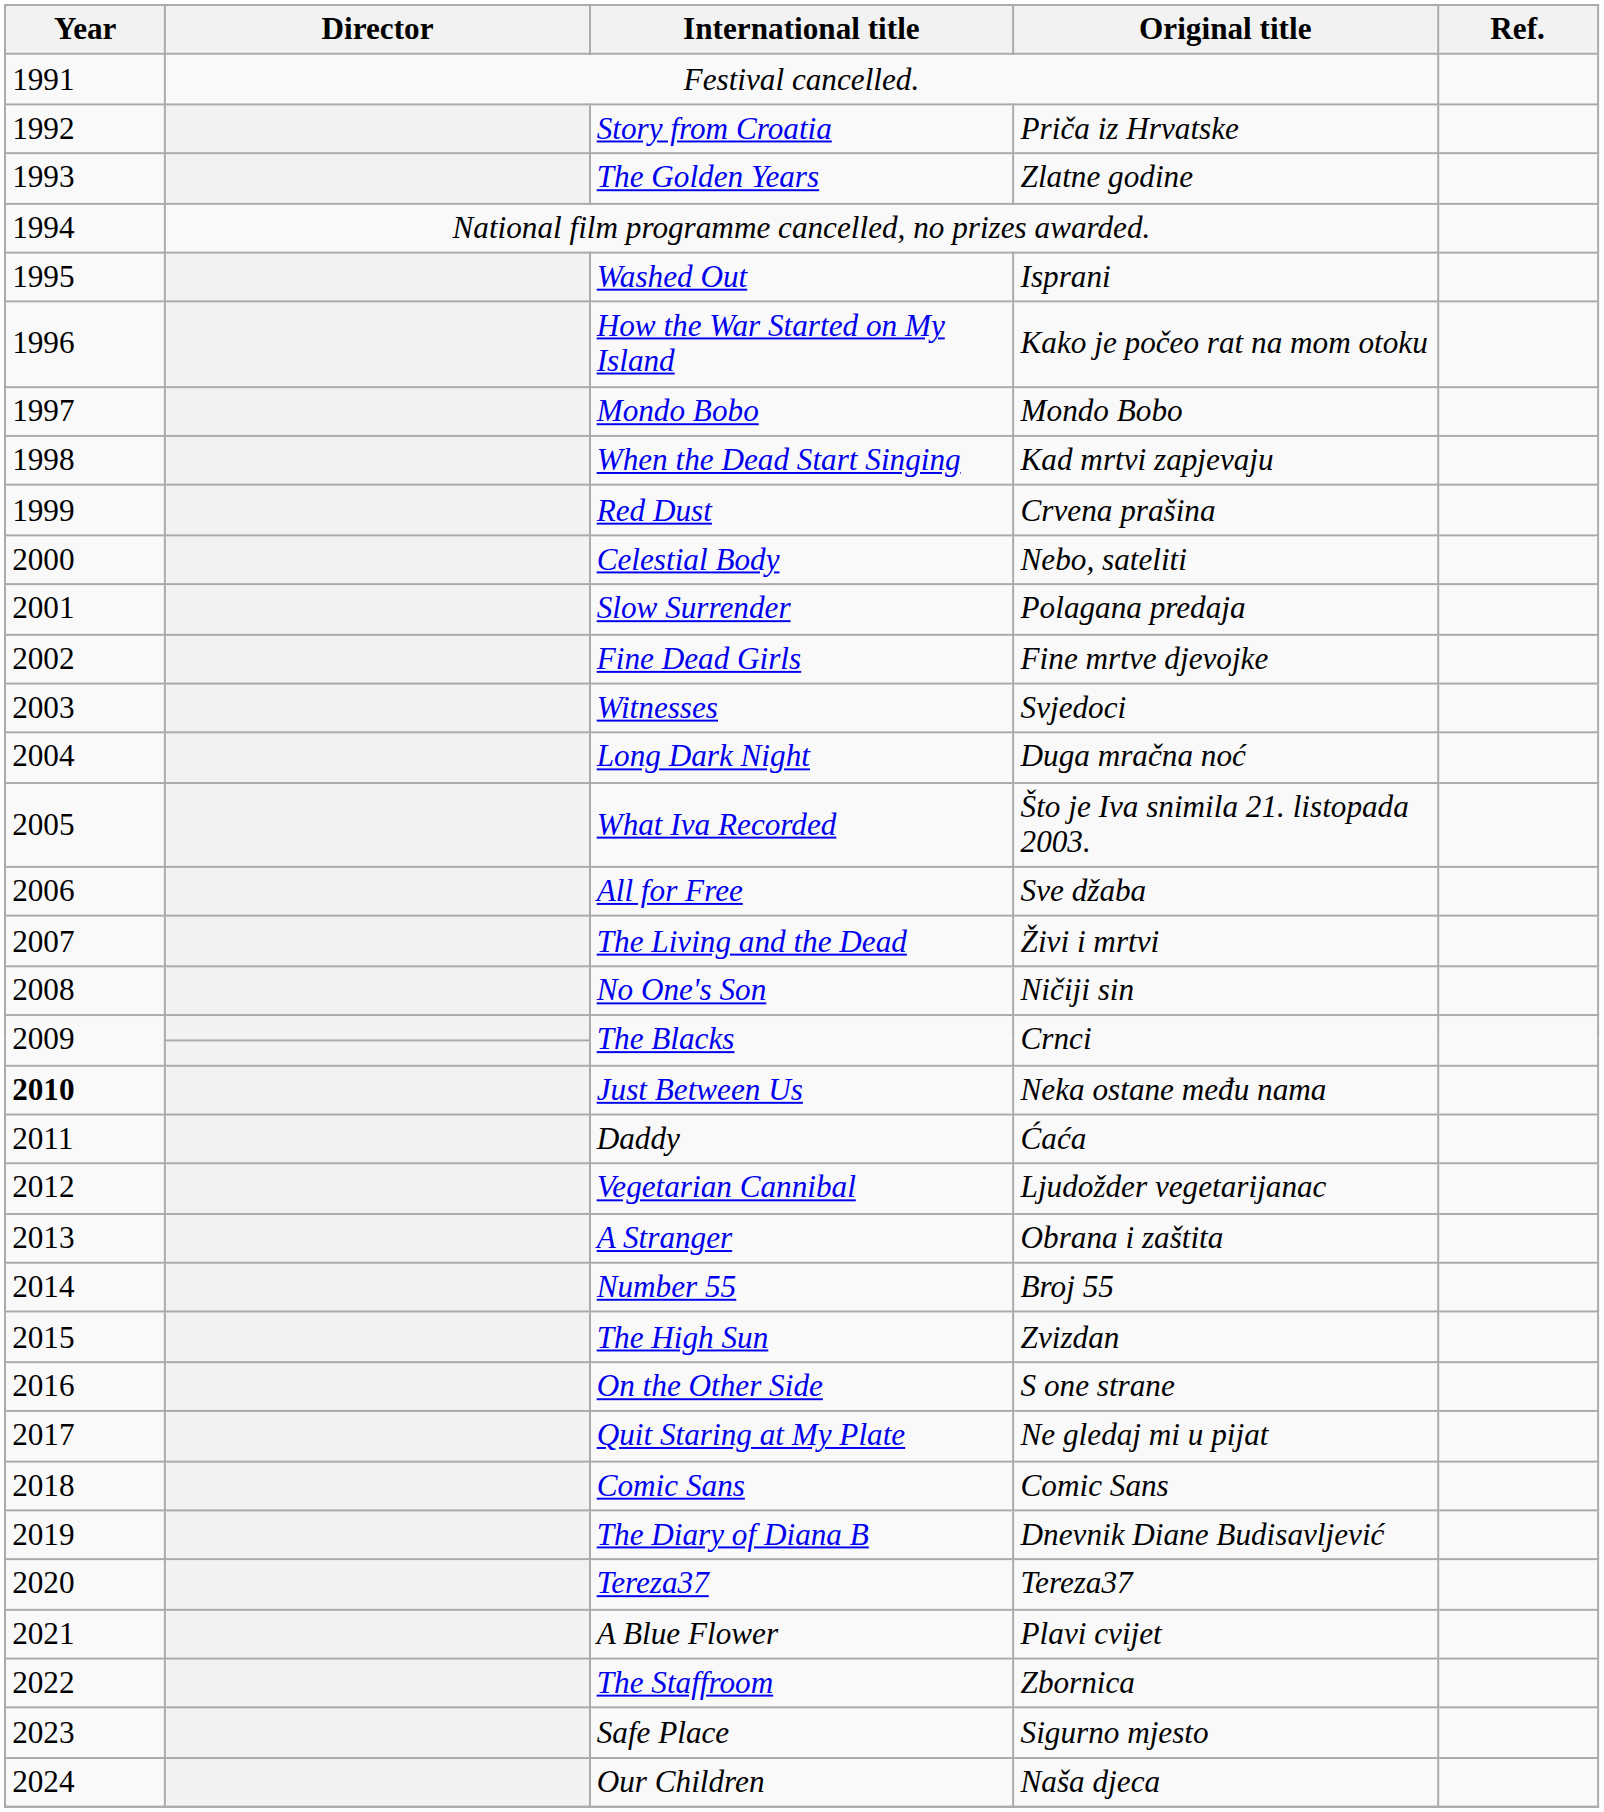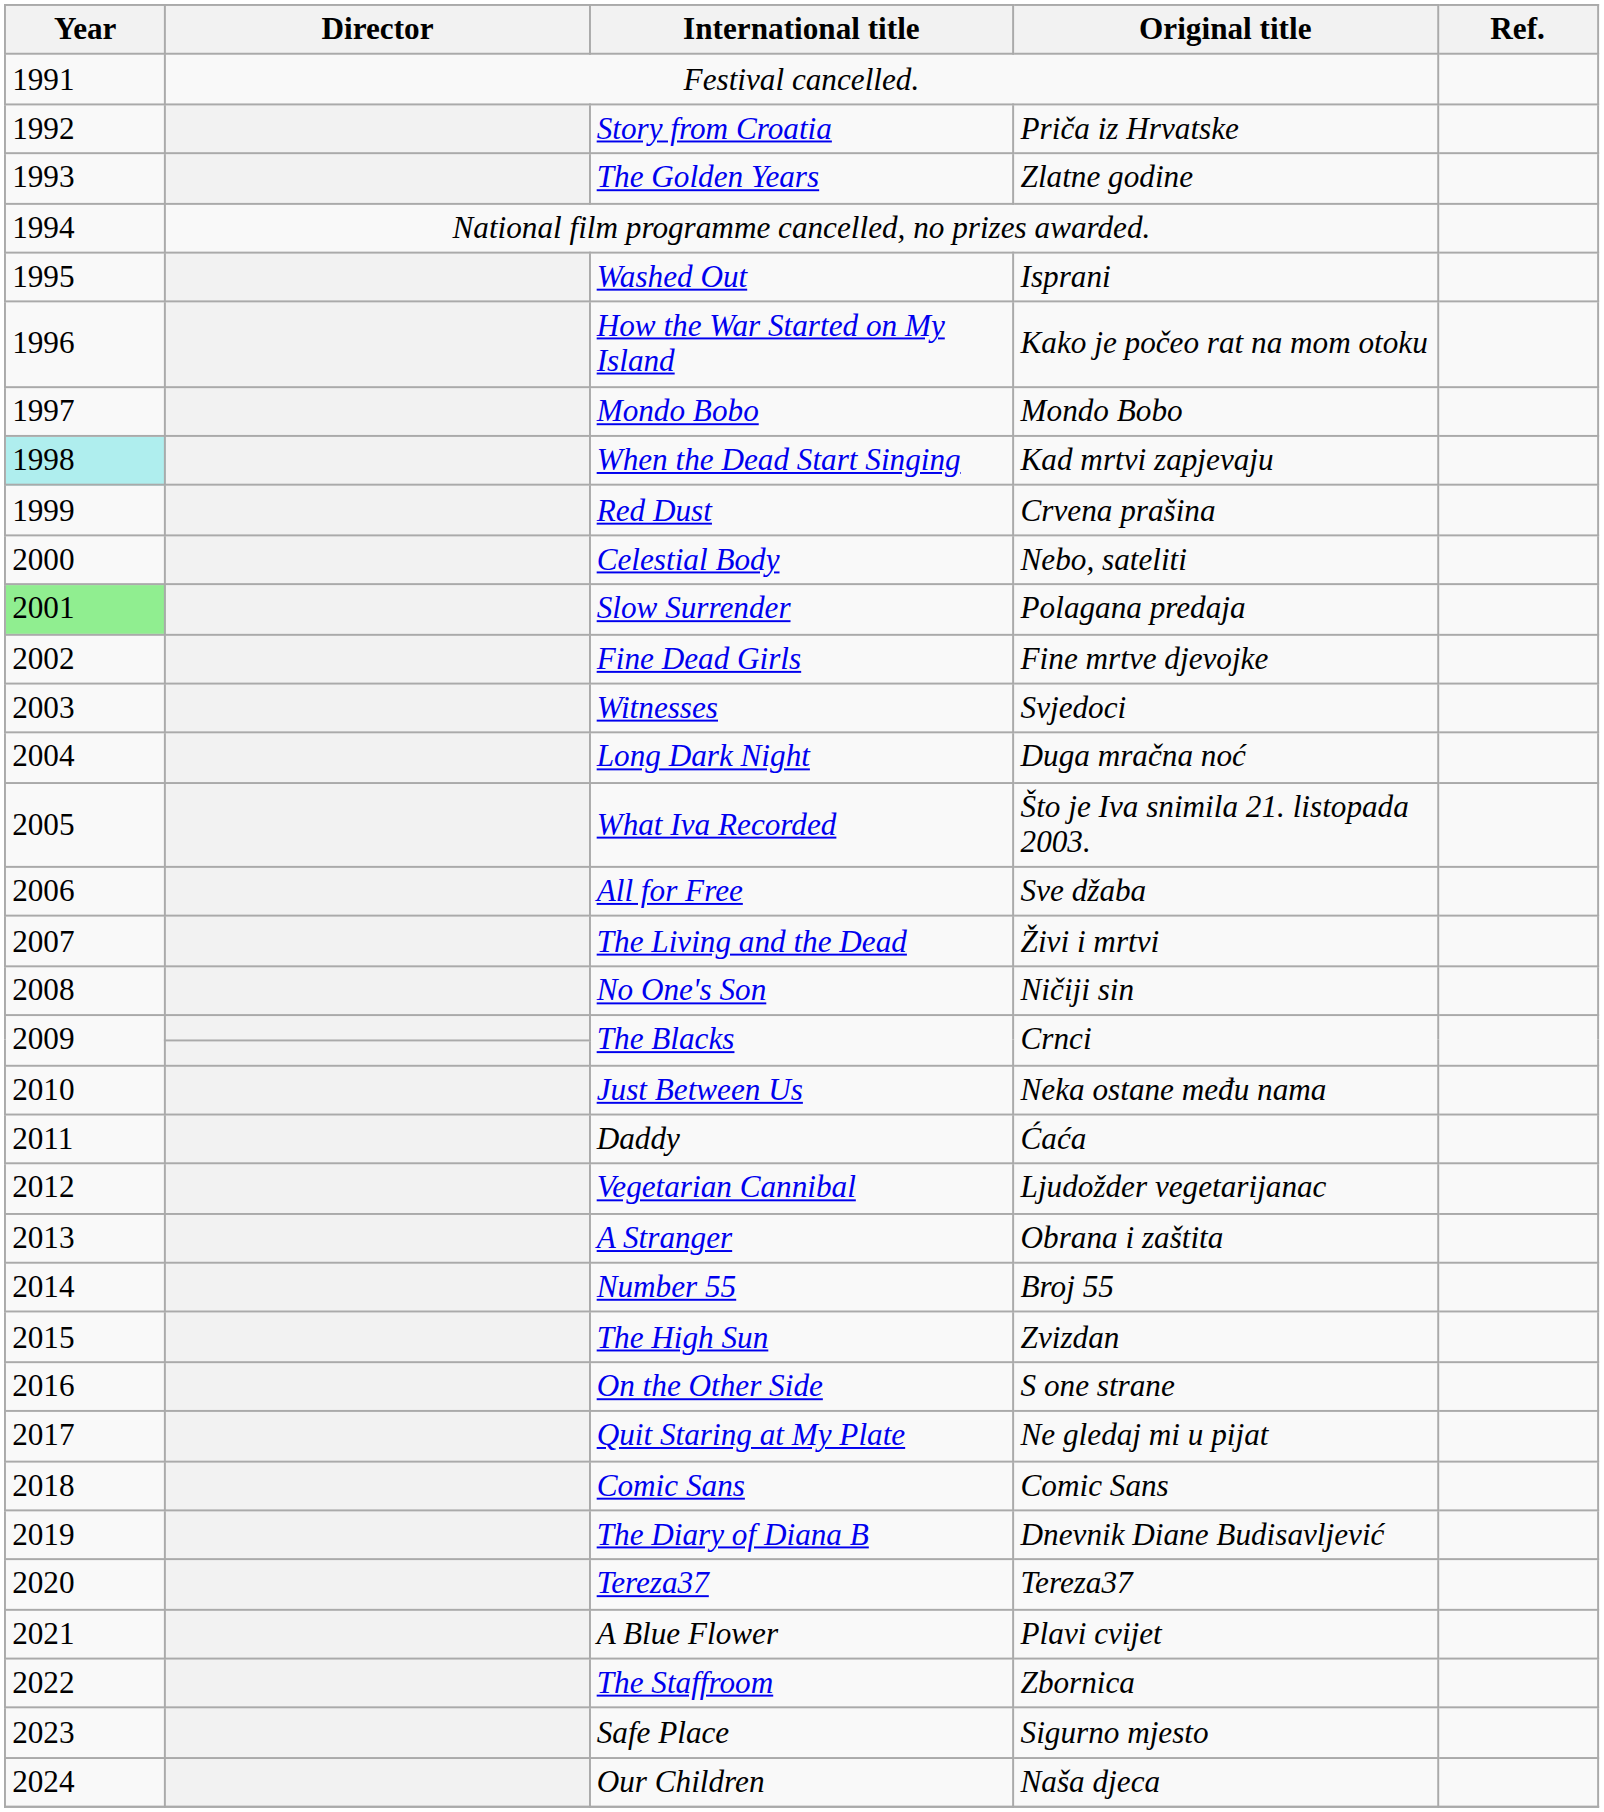 <table class="sortable wikitable plainrowheaders">
 <tr>
 <th scope="col" width=75>Year</th>
 <th scope="col" width=210>Director</th>
 <th scope="col" width=210>International title</th>
 <th scope="col" width=210>Original title</th>
 <th scope="col" width=75>Ref.</th>
 </tr>
 <tr>
 <td align=left>1991 </td>
 <td colspan=3 align=center><em>Festival cancelled.</em></td>
 <td></td>
 </tr>
 <tr>
 <td align=left>1992 </td>
 <th scope=row> </th>
 <td><em><a href='#'>Story from Croatia</a></em></td>
 <td><em>Priča iz Hrvatske</em></td>
 <td></td>
 </tr>
 <tr>
 <td align=left>1993 </td>
 <th scope=row></th>
 <td><em><a href='#'>The Golden Years</a></em></td>
 <td><em>Zlatne godine</em></td>
 <td></td>
 </tr>
 <tr>
 <td align=left>1994 </td>
 <td colspan=3 align=center><em>National film programme cancelled, no prizes awarded.</em></td>
 <td></td>
 </tr>
 <tr>
 <td align=left>1995 </td>
 <th scope=row></th>
 <td><em><a href='#'>Washed Out</a></em></td>
 <td><em>Isprani</em></td>
 <td></td>
 </tr>
 <tr>
 <td align=left>1996 </td>
 <th scope=row></th>
 <td><em><a href='#'>How the War Started on My Island</a></em></td>
 <td><em>Kako je počeo rat na mom otoku</em></td>
 <td></td>
 </tr>
 <tr>
 <td align=left>1997 </td>
 <th scope=row></th>
 <td><em><a href='#'>Mondo Bobo</a></em></td>
 <td><em>Mondo Bobo</em></td>
 <td></td>
 </tr>
 <tr>
-<td align=left>1998 </td>
+<td align=left style="background: paleturquoise;">1998 </td>
 <th scope=row> </th>
 <td><em><a href='#'>When the Dead Start Singing</a></em></td>
 <td><em>Kad mrtvi zapjevaju</em></td>
 <td></td>
 </tr>
 <tr>
 <td align=left>1999 </td>
 <th scope=row> </th>
 <td><em><a href='#'>Red Dust</a></em></td>
 <td><em>Crvena prašina</em></td>
 <td></td>
 </tr>
 <tr>
 <td align=left>2000 </td>
 <th scope=row></th>
 <td><em><a href='#'>Celestial Body</a></em></td>
 <td><em>Nebo, sateliti</em></td>
 <td></td>
 </tr>
 <tr>
-<td align=left>2001 </td>
+<td align=left style="background: lightgreen;">2001 </td>
 <th scope=row></th>
 <td><em><a href='#'>Slow Surrender</a></em></td>
 <td><em>Polagana predaja</em></td>
 <td></td>
 </tr>
 <tr>
 <td align=left>2002 </td>
 <th scope=row></th>
 <td><em><a href='#'>Fine Dead Girls</a></em></td>
 <td><em>Fine mrtve djevojke</em></td>
 <td></td>
 </tr>
 <tr>
 <td align=left>2003 </td>
 <th scope=row> </th>
 <td><em><a href='#'>Witnesses</a></em></td>
 <td><em>Svjedoci</em></td>
 <td></td>
 </tr>
 <tr>
 <td align=left>2004 </td>
 <th scope=row></th>
 <td><em><a href='#'>Long Dark Night</a></em></td>
 <td><em>Duga mračna noć</em></td>
 <td></td>
 </tr>
 <tr>
 <td align=left>2005 </td>
 <th scope=row></th>
 <td><em><a href='#'>What Iva Recorded</a></em></td>
 <td><em>Što je Iva snimila 21. listopada 2003.</em></td>
 <td></td>
 </tr>
 <tr>
 <td align=left>2006 </td>
 <th scope=row></th>
 <td><em><a href='#'>All for Free</a></em></td>
 <td><em>Sve džaba</em></td>
 <td></td>
 </tr>
 <tr>
 <td align=left>2007 </td>
 <th scope=row></th>
 <td><em><a href='#'>The Living and the Dead</a></em></td>
 <td><em>Živi i mrtvi</em></td>
 <td></td>
 </tr>
 <tr>
 <td align=left>2008 </td>
 <th scope=row></th>
 <td><em><a href='#'>No One's Son</a></em></td>
 <td><em>Ničiji sin</em></td>
 <td></td>
 </tr>
 <tr>
 <td align=left rowspan=2>2009 </td>
 <th scope=row> </th>
 <td rowspan=2><em><a href='#'>The Blacks</a></em></td>
 <td rowspan=2><em>Crnci</em></td>
 <td rowspan=2></td>
 </tr>
 <tr>
 <th scope=row> </th>
 </tr>
 <tr>
-<td align=left><strong>2010 </strong></td>
+<td align=left>2010 </td>
 <th scope=row> </th>
 <td><em><a href='#'>Just Between Us</a></em></td>
 <td><em>Neka ostane među nama</em></td>
 <td></td>
 </tr>
 <tr>
 <td align=left>2011 </td>
 <th scope=row> </th>
 <td><em>Daddy</em></td>
 <td><em>Ćaća</em></td>
 <td></td>
 </tr>
 <tr>
 <td align=left>2012 </td>
 <th scope=row></th>
 <td><em><a href='#'>Vegetarian Cannibal</a></em></td>
 <td><em>Ljudožder vegetarijanac</em></td>
 <td></td>
 </tr>
 <tr>
 <td align=left>2013 </td>
 <th scope=row></th>
 <td><em><a href='#'>A Stranger</a></em></td>
 <td><em>Obrana i zaštita</em></td>
 <td></td>
 </tr>
 <tr>
 <td align=left>2014 </td>
 <th scope=row> </th>
 <td><em><a href='#'>Number 55</a></em></td>
 <td><em>Broj 55</em></td>
 <td></td>
 </tr>
 <tr>
 <td align=left>2015 </td>
 <th scope=row> </th>
 <td><em><a href='#'>The High Sun</a></em></td>
 <td><em>Zvizdan</em></td>
 <td></td>
 </tr>
 <tr>
 <td align=left>2016 </td>
 <th scope=row> </th>
 <td><em><a href='#'>On the Other Side</a></em></td>
 <td><em>S one strane</em></td>
 <td></td>
 </tr>
 <tr>
 <td align=left>2017 </td>
 <th scope=row></th>
 <td><em><a href='#'>Quit Staring at My Plate</a></em></td>
 <td><em>Ne gledaj mi u pijat</em></td>
 <td></td>
 </tr>
 <tr>
 <td align=left>2018 </td>
 <th scope=row></th>
 <td><em><a href='#'>Comic Sans</a></em></td>
 <td><em>Comic Sans</em></td>
 <td></td>
 </tr>
 <tr>
 <td align=left>2019 </td>
 <th scope=row></th>
 <td><em><a href='#'>The Diary of Diana B</a></em></td>
 <td><em>Dnevnik Diane Budisavljević</em></td>
 <td></td>
 </tr>
 <tr>
 <td align=left>2020 </td>
 <th scope=row></th>
 <td><em><a href='#'>Tereza37</a></em></td>
 <td><em>Tereza37</em></td>
 <td></td>
 </tr>
 <tr>
 <td align=left>2021 </td>
 <th scope=row> </th>
 <td><em>A Blue Flower</em></td>
 <td><em>Plavi cvijet</em></td>
 <td></td>
 </tr>
 <tr>
 <td align=left>2022 </td>
 <th scope=row></th>
 <td><em><a href='#'>The Staffroom</a></em></td>
 <td><em>Zbornica</em></td>
 <td></td>
 </tr>
 <tr>
 <td align=left>2023 </td>
 <th scope=row></th>
 <td><em>Safe Place</em></td>
 <td><em>Sigurno mjesto</em></td>
 <td></td>
 </tr>
 <tr>
 <td align=left>2024 </td>
 <th scope=row></th>
 <td><em>Our Children</em></td>
 <td><em>Naša djeca</em></td>
 <td></td>
 </tr>
 <tr>
 </tr>
 </table>
